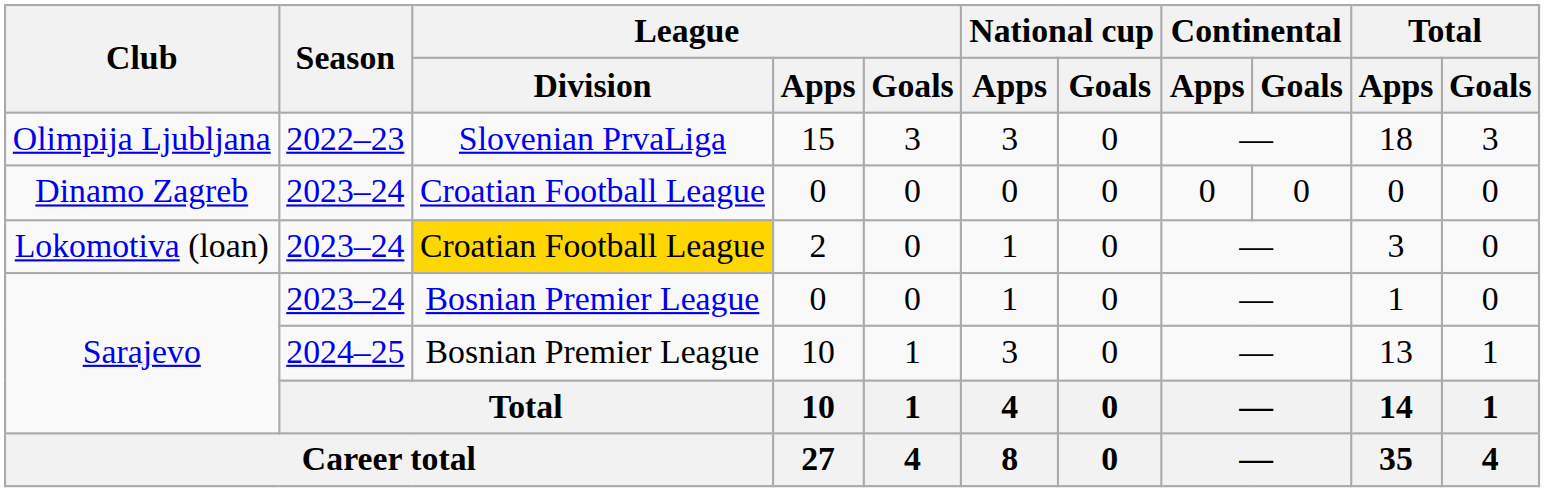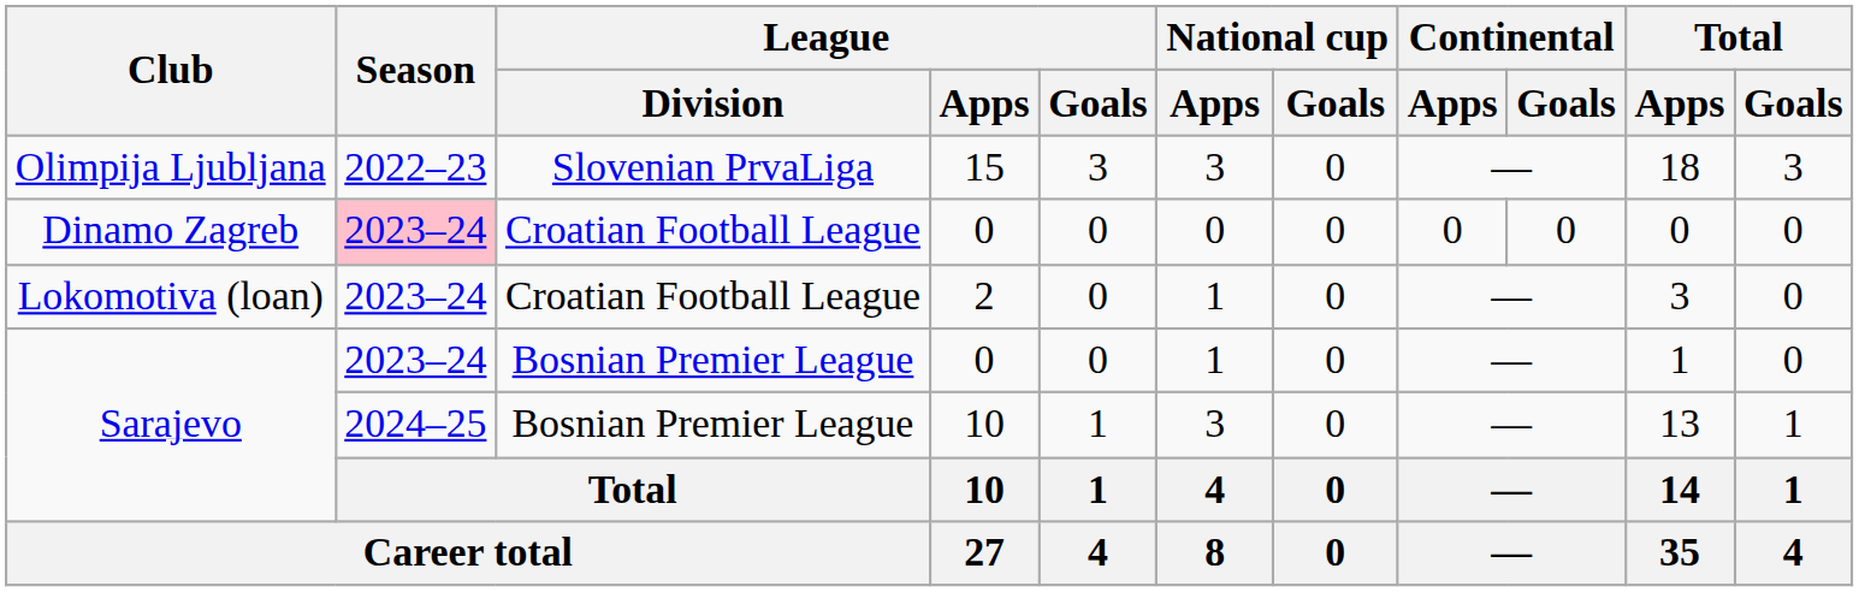 <table class="wikitable" style="text-align:center">
 <tr>
 <th rowspan=2>Club</th>
 <th rowspan=2>Season</th>
 <th colspan=3>League</th>
 <th colspan=2>National cup</th>
 <th colspan=2>Continental</th>
 <th colspan=2>Total</th>
 </tr>
 <tr>
 <th>Division</th>
 <th>Apps</th>
 <th>Goals</th>
 <th>Apps</th>
 <th>Goals</th>
 <th>Apps</th>
 <th>Goals</th>
 <th>Apps</th>
 <th>Goals</th>
 </tr>
 <tr>
 <td><a href='#'>Olimpija Ljubljana</a></td>
 <td><a href='#'>2022–23</a></td>
 <td><a href='#'>Slovenian PrvaLiga</a></td>
 <td>15</td>
 <td>3</td>
 <td>3</td>
 <td>0</td>
 <td colspan=2>—</td>
 <td>18</td>
 <td>3</td>
 </tr>
 <tr>
 <td><a href='#'>Dinamo Zagreb</a></td>
-<td><a href='#'>2023–24</a></td>
+<td style="background: pink;"><a href='#'>2023–24</a></td>
 <td><a href='#'>Croatian Football League</a></td>
 <td>0</td>
 <td>0</td>
 <td>0</td>
 <td>0</td>
 <td>0</td>
 <td>0</td>
 <td>0</td>
 <td>0</td>
 </tr>
 <tr>
 <td><a href='#'>Lokomotiva</a> (loan)</td>
 <td><a href='#'>2023–24</a></td>
-<td style="background: gold;">Croatian Football League</td>
+<td>Croatian Football League</td>
 <td>2</td>
 <td>0</td>
 <td>1</td>
 <td>0</td>
 <td colspan=2>—</td>
 <td>3</td>
 <td>0</td>
 </tr>
 <tr>
 <td rowspan=3><a href='#'>Sarajevo</a></td>
 <td><a href='#'>2023–24</a></td>
 <td><a href='#'>Bosnian Premier League</a></td>
 <td>0</td>
 <td>0</td>
 <td>1</td>
 <td>0</td>
 <td colspan=2>—</td>
 <td>1</td>
 <td>0</td>
 </tr>
 <tr>
 <td><a href='#'>2024–25</a></td>
 <td>Bosnian Premier League</td>
 <td>10</td>
 <td>1</td>
 <td>3</td>
 <td>0</td>
 <td colspan=2>—</td>
 <td>13</td>
 <td>1</td>
 </tr>
 <tr>
 <th colspan=2>Total</th>
 <th>10</th>
 <th>1</th>
 <th>4</th>
 <th>0</th>
 <th colspan=2>—</th>
 <th>14</th>
 <th>1</th>
 </tr>
 <tr>
 <th colspan=3>Career total</th>
 <th>27</th>
 <th>4</th>
 <th>8</th>
 <th>0</th>
 <th colspan=2>—</th>
 <th>35</th>
 <th>4</th>
 </tr>
 </table>
